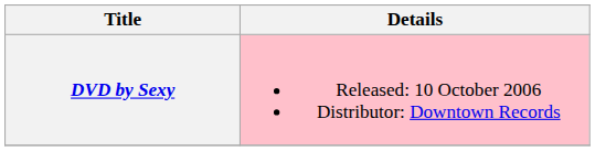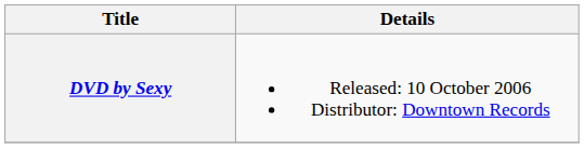 <table class="wikitable plainrowheaders" style="text-align:center;" border="1">
 <tr>
 <th scope="col" style="width:12em;">Title</th>
 <th scope="col" style="width:18em;">Details</th>
 </tr>
 <tr>
 <th scope="row"><em><a href='#'>DVD by Sexy</a></em></th>
-<td style="background: pink;"><br><ul><li>Released: 10 October 2006</li><li>Distributor: <a href='#'>Downtown Records</a></li></ul></td>
+<td><br><ul><li>Released: 10 October 2006</li><li>Distributor: <a href='#'>Downtown Records</a></li></ul></td>
 </tr>
 <tr>
 </tr>
 </table>
